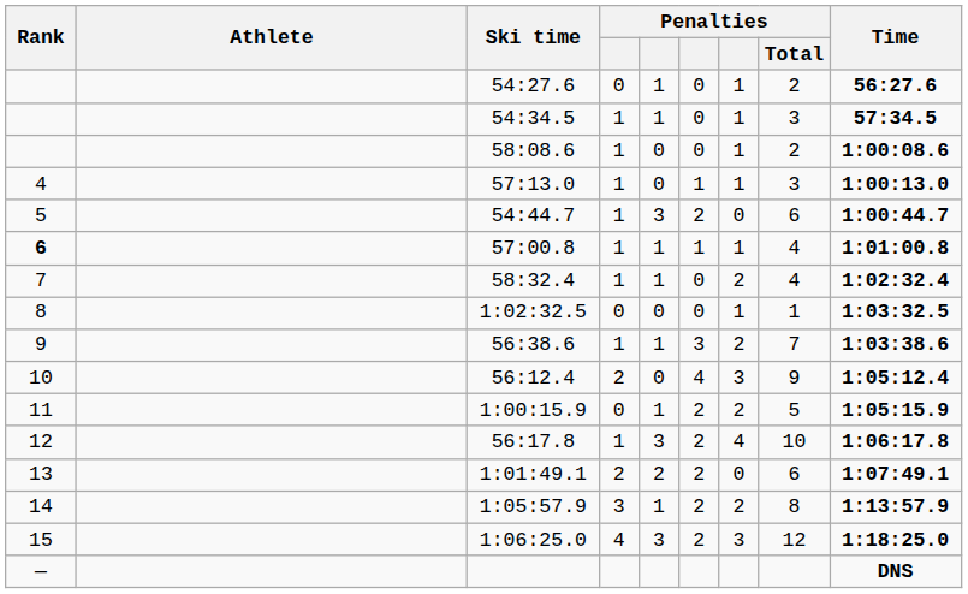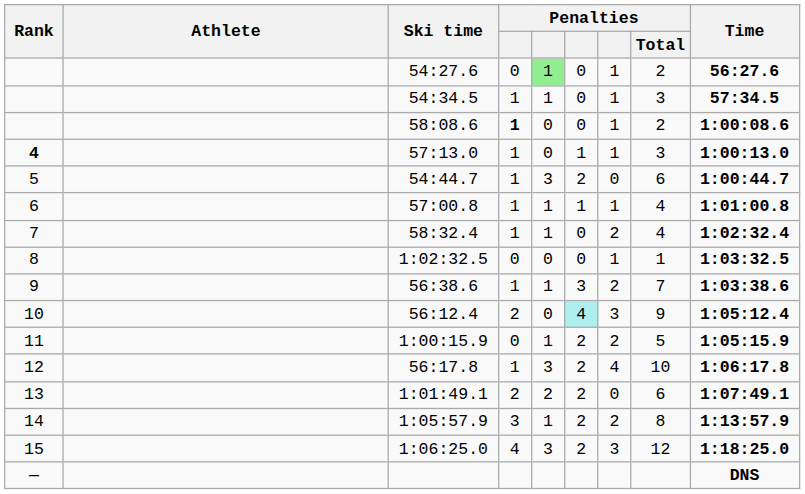 <table class=wikitable style="text-align:center">
 <tr>
 <th rowspan=2 width=40>Rank</th>
 <th rowspan=2 width=250>Athlete</th>
 <th rowspan=2 width=80>Ski time</th>
 <th colspan=5>Penalties</th>
 <th rowspan=2 width=80>Time</th>
 </tr>
 <tr>
 <th width=20></th>
 <th width=20></th>
 <th width=20></th>
 <th width=20></th>
 <th width=40>Total</th>
 </tr>
 <tr>
 <td></td>
 <td align=left></td>
 <td>54:27.6</td>
 <td>0</td>
-<td>1</td>
+<td style="background: lightgreen;">1</td>
 <td>0</td>
 <td>1</td>
 <td>2</td>
 <td><strong>56:27.6</strong></td>
 </tr>
 <tr>
 <td></td>
 <td align=left></td>
 <td>54:34.5</td>
 <td>1</td>
 <td>1</td>
 <td>0</td>
 <td>1</td>
 <td>3</td>
 <td><strong>57:34.5</strong></td>
 </tr>
 <tr>
 <td></td>
 <td align=left></td>
 <td>58:08.6</td>
-<td>1</td>
+<td><strong>1</strong></td>
 <td>0</td>
 <td>0</td>
 <td>1</td>
 <td>2</td>
 <td><strong>1:00:08.6</strong></td>
 </tr>
 <tr>
-<td>4</td>
+<td><strong>4</strong></td>
 <td align=left></td>
 <td>57:13.0</td>
 <td>1</td>
 <td>0</td>
 <td>1</td>
 <td>1</td>
 <td>3</td>
 <td><strong>1:00:13.0</strong></td>
 </tr>
 <tr>
 <td>5</td>
 <td align=left></td>
 <td>54:44.7</td>
 <td>1</td>
 <td>3</td>
 <td>2</td>
 <td>0</td>
 <td>6</td>
 <td><strong>1:00:44.7</strong></td>
 </tr>
 <tr>
-<td><strong>6</strong></td>
+<td>6</td>
 <td align=left></td>
 <td>57:00.8</td>
 <td>1</td>
 <td>1</td>
 <td>1</td>
 <td>1</td>
 <td>4</td>
 <td><strong>1:01:00.8</strong></td>
 </tr>
 <tr>
 <td>7</td>
 <td align=left></td>
 <td>58:32.4</td>
 <td>1</td>
 <td>1</td>
 <td>0</td>
 <td>2</td>
 <td>4</td>
 <td><strong>1:02:32.4</strong></td>
 </tr>
 <tr>
 <td>8</td>
 <td align=left></td>
 <td>1:02:32.5</td>
 <td>0</td>
 <td>0</td>
 <td>0</td>
 <td>1</td>
 <td>1</td>
 <td><strong>1:03:32.5</strong></td>
 </tr>
 <tr>
 <td>9</td>
 <td align=left></td>
 <td>56:38.6</td>
 <td>1</td>
 <td>1</td>
 <td>3</td>
 <td>2</td>
 <td>7</td>
 <td><strong>1:03:38.6</strong></td>
 </tr>
 <tr>
 <td>10</td>
 <td align=left></td>
 <td>56:12.4</td>
 <td>2</td>
 <td>0</td>
-<td>4</td>
+<td style="background: paleturquoise;">4</td>
 <td>3</td>
 <td>9</td>
 <td><strong>1:05:12.4</strong></td>
 </tr>
 <tr>
 <td>11</td>
 <td align=left></td>
 <td>1:00:15.9</td>
 <td>0</td>
 <td>1</td>
 <td>2</td>
 <td>2</td>
 <td>5</td>
 <td><strong>1:05:15.9</strong></td>
 </tr>
 <tr>
 <td>12</td>
 <td align=left></td>
 <td>56:17.8</td>
 <td>1</td>
 <td>3</td>
 <td>2</td>
 <td>4</td>
 <td>10</td>
 <td><strong>1:06:17.8</strong></td>
 </tr>
 <tr>
 <td>13</td>
 <td align=left></td>
 <td>1:01:49.1</td>
 <td>2</td>
 <td>2</td>
 <td>2</td>
 <td>0</td>
 <td>6</td>
 <td><strong>1:07:49.1</strong></td>
 </tr>
 <tr>
 <td>14</td>
 <td align=left></td>
 <td>1:05:57.9</td>
 <td>3</td>
 <td>1</td>
 <td>2</td>
 <td>2</td>
 <td>8</td>
 <td><strong>1:13:57.9</strong></td>
 </tr>
 <tr>
 <td>15</td>
 <td align=left></td>
 <td>1:06:25.0</td>
 <td>4</td>
 <td>3</td>
 <td>2</td>
 <td>3</td>
 <td>12</td>
 <td><strong>1:18:25.0</strong></td>
 </tr>
 <tr>
 <td>—</td>
 <td align=left></td>
 <td></td>
 <td></td>
 <td></td>
 <td></td>
 <td></td>
 <td></td>
 <td><strong>DNS</strong></td>
 </tr>
 </table>
